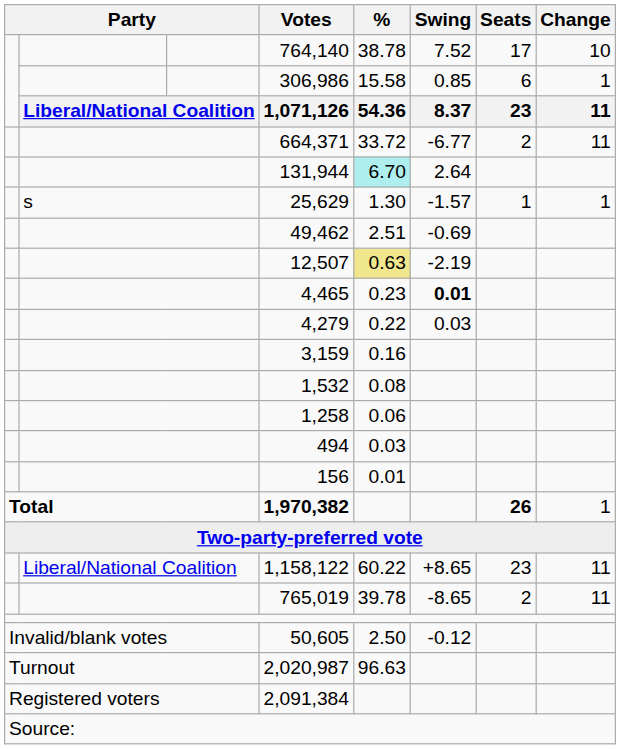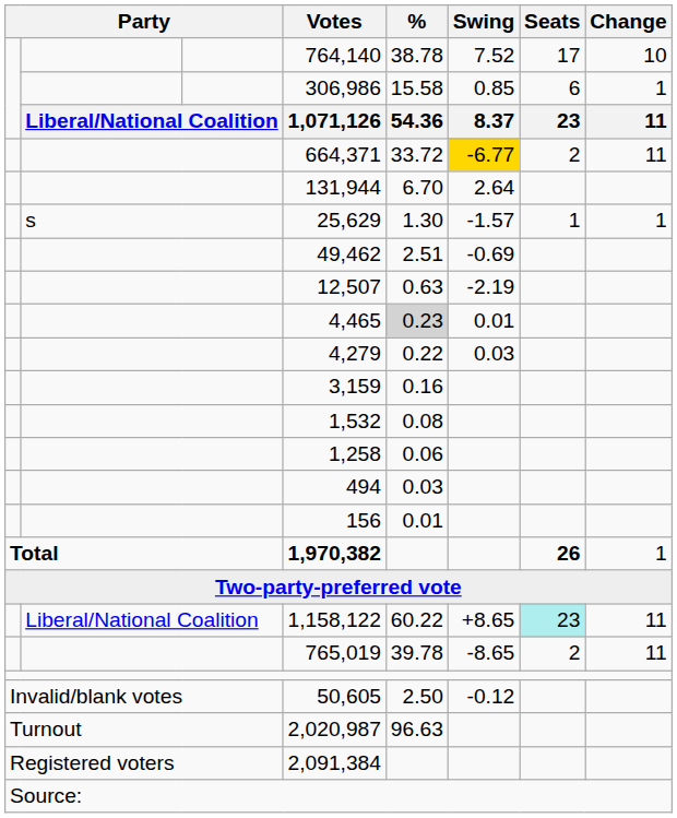 <table class="wikitable">
 <tr>
 <th colspan="3" style="width:200px"><strong>Party</strong></th>
 <th style="width:70px; text-align:center;"><strong>Votes</strong></th>
 <th style="width:40px; text-align:center;"><strong>%</strong></th>
 <th style="width:40px; text-align:center;"><strong>Swing</strong></th>
 <th style="width:40px; text-align:center;"><strong>Seats</strong></th>
 <th style="width:40px; text-align:center;"><strong>Change</strong></th>
 </tr>
 <tr>
 <td rowspan="3"> </td>
 <td> </td>
 <td></td>
 <td align=right>764,140</td>
 <td align=right>38.78</td>
 <td align=right>7.52</td>
 <td align=right>17</td>
 <td align=right> 10</td>
 </tr>
 <tr>
 <td> </td>
 <td></td>
 <td align=right>306,986</td>
 <td align=right>15.58</td>
 <td align=right>0.85</td>
 <td align=right>6</td>
 <td align=right> 1</td>
 </tr>
 <tr>
 <th colspan="2" style="text-align:left;"><a href='#'>Liberal/National Coalition</a></th>
 <th style="text-align:right;">1,071,126</th>
 <th style="text-align:right;">54.36</th>
 <th style="text-align:right;">8.37</th>
 <th style="text-align:right;">23</th>
 <th style="text-align:right;"> 11</th>
 </tr>
 <tr>
 <td> </td>
 <td colspan=2></td>
 <td align=right>664,371</td>
 <td align=right>33.72</td>
-<td align=right>-6.77</td>
+<td align=right style="background: gold;">-6.77</td>
 <td align=right>2</td>
 <td align=right> 11</td>
 </tr>
 <tr>
 <td> </td>
 <td colspan=2></td>
 <td align=right>131,944</td>
-<td align=right style="background: paleturquoise;">6.70</td>
+<td align=right>6.70</td>
 <td align=right>2.64</td>
 <td align=right></td>
 <td align=right></td>
 </tr>
 <tr>
 <td> </td>
 <td colspan=2>s</td>
 <td align=right>25,629</td>
 <td align=right>1.30</td>
 <td align=right>-1.57</td>
 <td align=right>1</td>
 <td align=right> 1</td>
 </tr>
 <tr>
 <td> </td>
 <td colspan=2></td>
 <td align=right>49,462</td>
 <td align=right>2.51</td>
 <td align=right>-0.69</td>
 <td align=right></td>
 <td align=right></td>
 </tr>
 <tr>
 <td> </td>
 <td colspan=2></td>
 <td align=right>12,507</td>
-<td align=right style="background: khaki;">0.63</td>
+<td align=right>0.63</td>
 <td align=right>-2.19</td>
 <td align=right></td>
 <td align=right></td>
 </tr>
 <tr>
 <td> </td>
 <td colspan=2></td>
 <td align=right>4,465</td>
-<td align=right>0.23</td>
-<td align=right><strong>0.01</strong></td>
+<td align=right style="background: lightgrey;">0.23</td>
+<td align=right>0.01</td>
 <td align=right></td>
 <td align=right></td>
 </tr>
 <tr>
 <td> </td>
 <td colspan=2></td>
 <td align=right>4,279</td>
 <td align=right>0.22</td>
 <td align=right>0.03</td>
 <td align=right></td>
 <td align=right></td>
 </tr>
 <tr>
 <td> </td>
 <td colspan=2></td>
 <td align=right>3,159</td>
 <td align=right>0.16</td>
 <td align=right></td>
 <td align=right></td>
 <td align=right></td>
 </tr>
 <tr>
 <td> </td>
 <td colspan=2></td>
 <td align=right>1,532</td>
 <td align=right>0.08</td>
 <td align=right></td>
 <td align=right></td>
 <td align=right></td>
 </tr>
 <tr>
 <td> </td>
 <td colspan=2></td>
 <td align=right>1,258</td>
 <td align=right>0.06</td>
 <td align=right></td>
 <td align=right></td>
 <td align=right></td>
 </tr>
 <tr>
 <td> </td>
 <td colspan=2></td>
 <td align=right>494</td>
 <td align=right>0.03</td>
 <td align=right></td>
 <td align=right></td>
 <td align=right></td>
 </tr>
 <tr>
 <td> </td>
 <td colspan=2></td>
 <td align=right>156</td>
 <td align=right>0.01</td>
 <td align=right></td>
 <td align=right></td>
 <td align=right></td>
 </tr>
 <tr>
 <td colspan="3" align="left"><strong>Total</strong></td>
 <td align=right><strong>1,970,382</strong></td>
 <td align=right></td>
 <td align=right></td>
 <td align=right><strong>26</strong></td>
 <td align=right> 1</td>
 </tr>
 <tr>
 <td colspan="8" style="text-align:center; background:#eee;"><strong><a href='#'>Two-party-preferred vote</a></strong></td>
 </tr>
 <tr>
 <td> </td>
 <td colspan=2><a href='#'>Liberal/National Coalition</a></td>
 <td align=right>1,158,122</td>
 <td align=right>60.22</td>
 <td align=right>+8.65</td>
-<td align=right>23</td>
+<td align=right style="background: paleturquoise;">23</td>
 <td align=right> 11</td>
 </tr>
 <tr>
 <td> </td>
 <td colspan=2></td>
 <td align=right>765,019</td>
 <td align=right>39.78</td>
 <td align=right>-8.65</td>
 <td align=right>2</td>
 <td align=right> 11</td>
 </tr>
 <tr>
 <td colspan="8"></td>
 </tr>
 <tr>
 <td colspan="3" style="text-align:left;">Invalid/blank votes</td>
 <td align=right>50,605</td>
 <td align=right>2.50</td>
 <td align=right>-0.12</td>
 <td></td>
 <td></td>
 </tr>
 <tr>
 <td colspan="3" style="text-align:left;">Turnout</td>
 <td align=right>2,020,987</td>
 <td align=right>96.63</td>
 <td></td>
 <td></td>
 <td></td>
 </tr>
 <tr>
 <td colspan="3" style="text-align:left;">Registered voters</td>
 <td align=right>2,091,384</td>
 <td></td>
 <td></td>
 <td></td>
 <td></td>
 </tr>
 <tr>
 <td colspan="8" align="left">Source: </td>
 </tr>
 </table>
